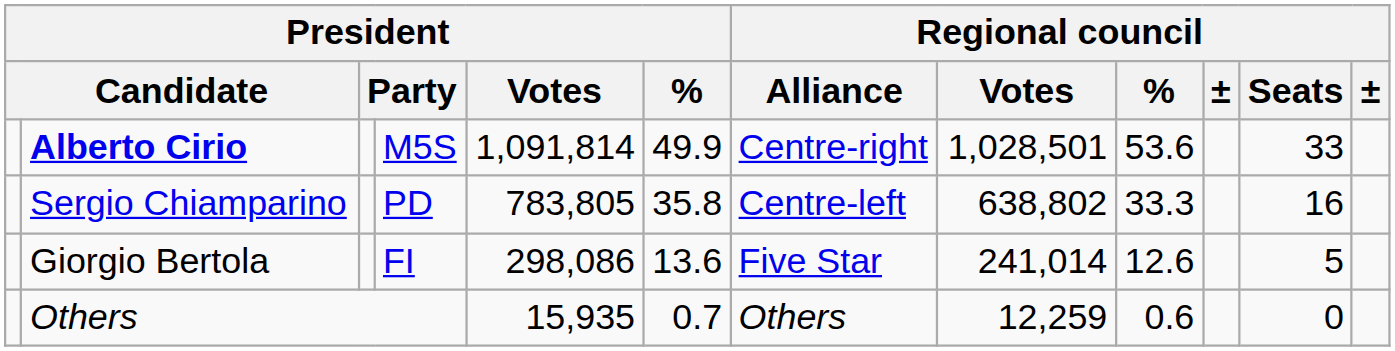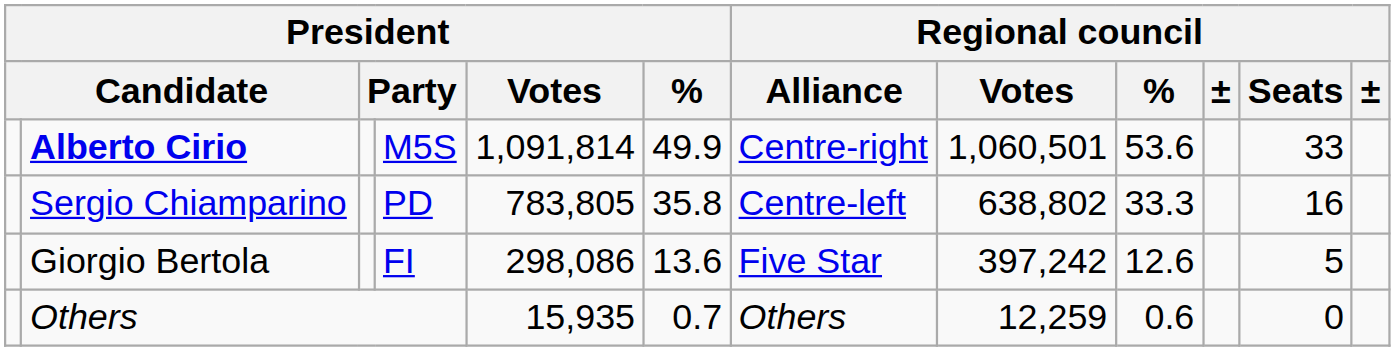 <table class="wikitable" style="text-align:right; style="width=70%">
 <tr>
 <th colspan="6">President</th>
 <th colspan="6">Regional council</th>
 </tr>
 <tr>
 <th colspan="2">Candidate</th>
 <th colspan="2">Party</th>
 <th>Votes</th>
 <th>%</th>
 <th>Alliance</th>
 <th>Votes</th>
 <th>%</th>
 <th>±</th>
 <th>Seats</th>
 <th>±</th>
 </tr>
 <tr>
 <td></td>
 <td style="text-align:left"><strong><a href='#'>Alberto Cirio</a></strong></td>
 <td></td>
 <td style="text-align:left"><a href='#'>M5S</a></td>
 <td>1,091,814</td>
 <td>49.9</td>
 <td style="text-align:left"><a href='#'>Centre-right</a></td>
-<td>1,028,501</td>
+<td>1,060,501</td>
 <td>53.6</td>
 <td></td>
 <td>33</td>
 <td></td>
 </tr>
 <tr>
 <td></td>
 <td style="text-align:left"><a href='#'>Sergio Chiamparino</a></td>
 <td></td>
 <td style="text-align:left"><a href='#'>PD</a></td>
 <td>783,805</td>
 <td>35.8</td>
 <td style="text-align:left"><a href='#'>Centre-left</a></td>
 <td>638,802</td>
 <td>33.3</td>
 <td></td>
 <td>16</td>
 <td></td>
 </tr>
 <tr>
 <td></td>
 <td style="text-align:left">Giorgio Bertola</td>
 <td></td>
 <td style="text-align:left"><a href='#'>FI</a></td>
 <td>298,086</td>
 <td>13.6</td>
 <td style="text-align:left"><a href='#'>Five Star</a></td>
-<td>241,014</td>
+<td>397,242</td>
 <td>12.6</td>
 <td></td>
 <td>5</td>
 <td></td>
 </tr>
 <tr>
 <td></td>
 <td colspan="3" style="text-align:left"><em>Others</em></td>
 <td>15,935</td>
 <td>0.7</td>
 <td style="text-align:left"><em>Others</em></td>
 <td>12,259</td>
 <td>0.6</td>
 <td></td>
 <td>0</td>
 <td></td>
 </tr>
 </table>
